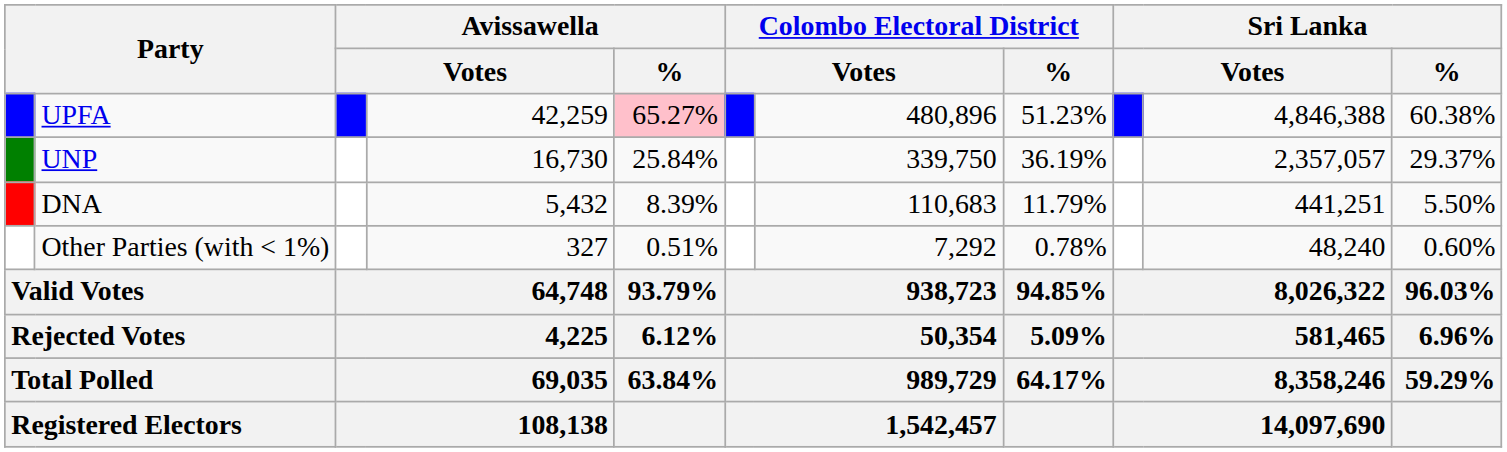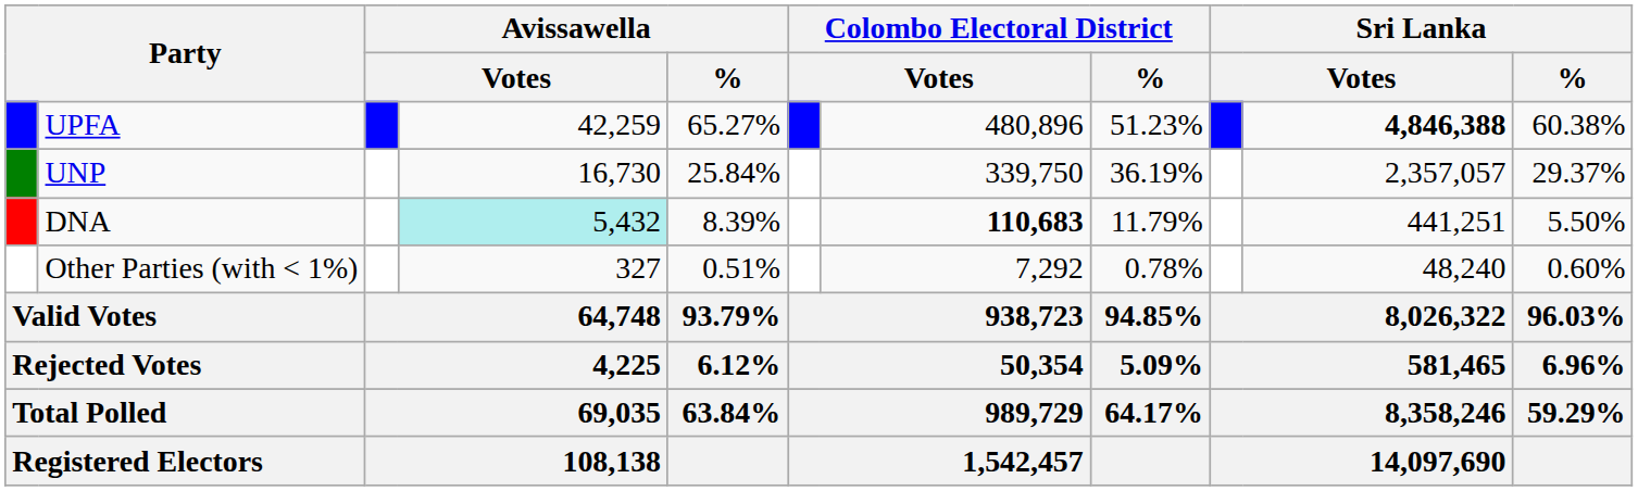 <table class="wikitable">
 <tr>
 <th colspan="2" width="144px"rowspan="2">Party</th>
 <th colspan="3" width="216px">Avissawella</th>
 <th colspan="3" width="216px"><a href='#'>Colombo Electoral District</a></th>
 <th colspan="3" width="216px">Sri Lanka</th>
 </tr>
 <tr>
 <th colspan="2" width="144px">Votes</th>
 <th>%</th>
 <th colspan="2" width="144px">Votes</th>
 <th>%</th>
 <th colspan="2" width="144px">Votes</th>
 <th>%</th>
 </tr>
 <tr>
 <td style="background-color:blue;" width="10px"></td>
 <td style="text-align:left;"><a href='#'>UPFA</a></td>
 <td style="background-color:blue;" width="10px"></td>
 <td style="text-align:right;">42,259</td>
-<td style="background: pink; text-align:right;">65.27%</td>
+<td style="text-align:right;">65.27%</td>
 <td style="background-color:blue;" width="10px"></td>
 <td style="text-align:right;">480,896</td>
 <td style="text-align:right;">51.23%</td>
 <td style="background-color:blue;" width="10px"></td>
-<td style="text-align:right;">4,846,388</td>
+<td style="text-align:right;"><strong>4,846,388</strong></td>
 <td style="text-align:right;">60.38%</td>
 </tr>
 <tr>
 <td style="background-color:green;" width="10px"></td>
 <td style="text-align:left;"><a href='#'>UNP</a></td>
 <td style="background-color:white;" width="10px"></td>
 <td style="text-align:right;">16,730</td>
 <td style="text-align:right;">25.84%</td>
 <td style="background-color:white;" width="10px"></td>
 <td style="text-align:right;">339,750</td>
 <td style="text-align:right;">36.19%</td>
 <td style="background-color:white;" width="10px"></td>
 <td style="text-align:right;">2,357,057</td>
 <td style="text-align:right;">29.37%</td>
 </tr>
 <tr>
 <td style="background-color:red;" width="10px"></td>
 <td style="text-align:left;">DNA</td>
 <td style="background-color:white;" width="10px"></td>
-<td style="text-align:right;">5,432</td>
+<td style="background: paleturquoise; text-align:right;">5,432</td>
 <td style="text-align:right;">8.39%</td>
 <td style="background-color:white;" width="10px"></td>
-<td style="text-align:right;">110,683</td>
+<td style="text-align:right;"><strong>110,683</strong></td>
 <td style="text-align:right;">11.79%</td>
 <td style="background-color:white;" width="10px"></td>
 <td style="text-align:right;">441,251</td>
 <td style="text-align:right;">5.50%</td>
 </tr>
 <tr>
 <td style="background-color:white;" width="10px"></td>
 <td style="text-align:left;">Other Parties (with < 1%)</td>
 <td style="background-color:white;" width="10px"></td>
 <td style="text-align:right;">327</td>
 <td style="text-align:right;">0.51%</td>
 <td style="background-color:white;" width="10px"></td>
 <td style="text-align:right;">7,292</td>
 <td style="text-align:right;">0.78%</td>
 <td style="background-color:white;" width="10px"></td>
 <td style="text-align:right;">48,240</td>
 <td style="text-align:right;">0.60%</td>
 </tr>
 <tr>
 <th colspan="2" width="144px"style="text-align:left;">Valid Votes</th>
 <th style="text-align:right;"colspan="2" width="144px">64,748</th>
 <th style="text-align:right;">93.79%</th>
 <th style="text-align:right;"colspan="2" width="144px">938,723</th>
 <th style="text-align:right;">94.85%</th>
 <th style="text-align:right;"colspan="2" width="144px">8,026,322</th>
 <th style="text-align:right;">96.03%</th>
 </tr>
 <tr>
 <th colspan="2" width="144px"style="text-align:left;">Rejected Votes</th>
 <th style="text-align:right;"colspan="2" width="144px">4,225</th>
 <th style="text-align:right;">6.12%</th>
 <th style="text-align:right;"colspan="2" width="144px">50,354</th>
 <th style="text-align:right;">5.09%</th>
 <th style="text-align:right;"colspan="2" width="144px">581,465</th>
 <th style="text-align:right;">6.96%</th>
 </tr>
 <tr>
 <th colspan="2" width="144px"style="text-align:left;">Total Polled</th>
 <th style="text-align:right;"colspan="2" width="144px">69,035</th>
 <th style="text-align:right;">63.84%</th>
 <th style="text-align:right;"colspan="2" width="144px">989,729</th>
 <th style="text-align:right;">64.17%</th>
 <th style="text-align:right;"colspan="2" width="144px">8,358,246</th>
 <th style="text-align:right;">59.29%</th>
 </tr>
 <tr>
 <th colspan="2" width="144px"style="text-align:left;">Registered Electors</th>
 <th style="text-align:right;"colspan="2" width="144px">108,138</th>
 <th></th>
 <th style="text-align:right;"colspan="2" width="144px">1,542,457</th>
 <th></th>
 <th style="text-align:right;"colspan="2" width="144px">14,097,690</th>
 <th></th>
 </tr>
 </table>
